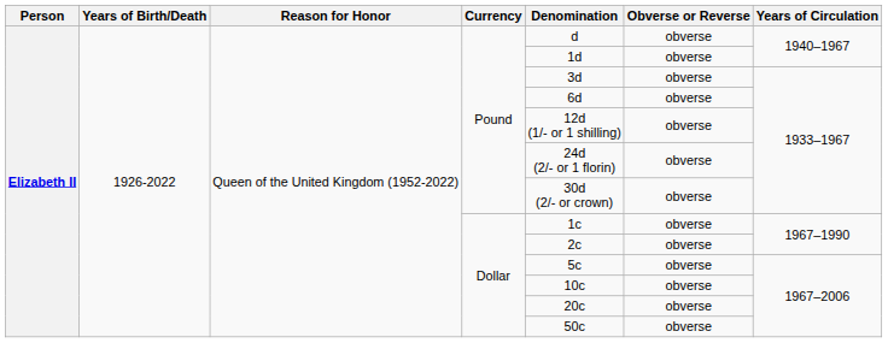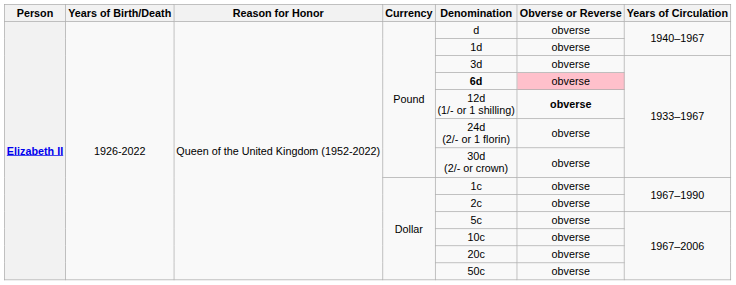 <table class="wikitable" style="font-size:95%; text-align:center;">
 <tr>
 <th>Person</th>
 <th>Years of Birth/Death</th>
 <th>Reason for Honor</th>
 <th>Currency</th>
 <th>Denomination</th>
 <th>Obverse or Reverse</th>
 <th>Years of Circulation</th>
 </tr>
 <tr>
 <th rowspan="13"><a href='#'>Elizabeth II</a></th>
 <td rowspan="13">1926-2022</td>
 <td rowspan="13">Queen of the United Kingdom (1952-2022)</td>
 <td rowspan="7">Pound</td>
 <td><small></small>d</td>
 <td>obverse</td>
 <td rowspan="2">1940–1967</td>
 </tr>
 <tr>
 <td>1d</td>
 <td>obverse</td>
 </tr>
 <tr>
 <td>3d</td>
 <td>obverse</td>
 <td rowspan="5">1933–1967</td>
 </tr>
 <tr>
-<td>6d</td>
-<td>obverse</td>
+<td><strong>6d</strong></td>
+<td style="background: pink;">obverse</td>
 </tr>
 <tr>
 <td>12d<br>(1/- or 1 shilling)</td>
-<td>obverse</td>
+<td><strong>obverse</strong></td>
 </tr>
 <tr>
 <td>24d<br>(2/- or 1 florin)</td>
 <td>obverse</td>
 </tr>
 <tr>
 <td>30d<br>(2<small></small>/- or <small></small> crown)</td>
 <td>obverse</td>
 </tr>
 <tr>
 <td rowspan="6">Dollar</td>
 <td>1c</td>
 <td>obverse</td>
 <td rowspan="2">1967–1990</td>
 </tr>
 <tr>
 <td>2c</td>
 <td>obverse</td>
 </tr>
 <tr>
 <td>5c</td>
 <td>obverse</td>
 <td rowspan="4">1967–2006</td>
 </tr>
 <tr>
 <td>10c</td>
 <td>obverse</td>
 </tr>
 <tr>
 <td>20c</td>
 <td>obverse</td>
 </tr>
 <tr>
 <td>50c</td>
 <td>obverse</td>
 </tr>
 </table>
